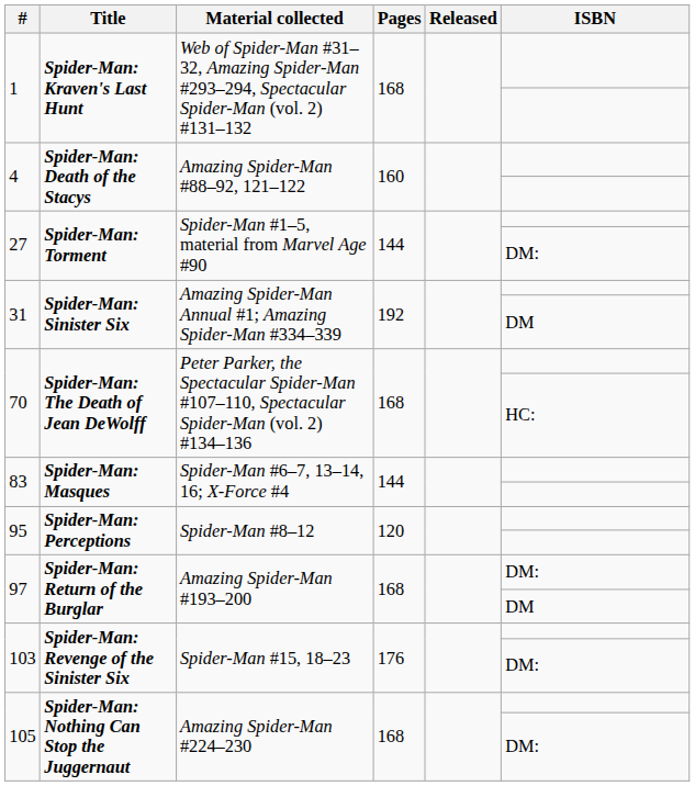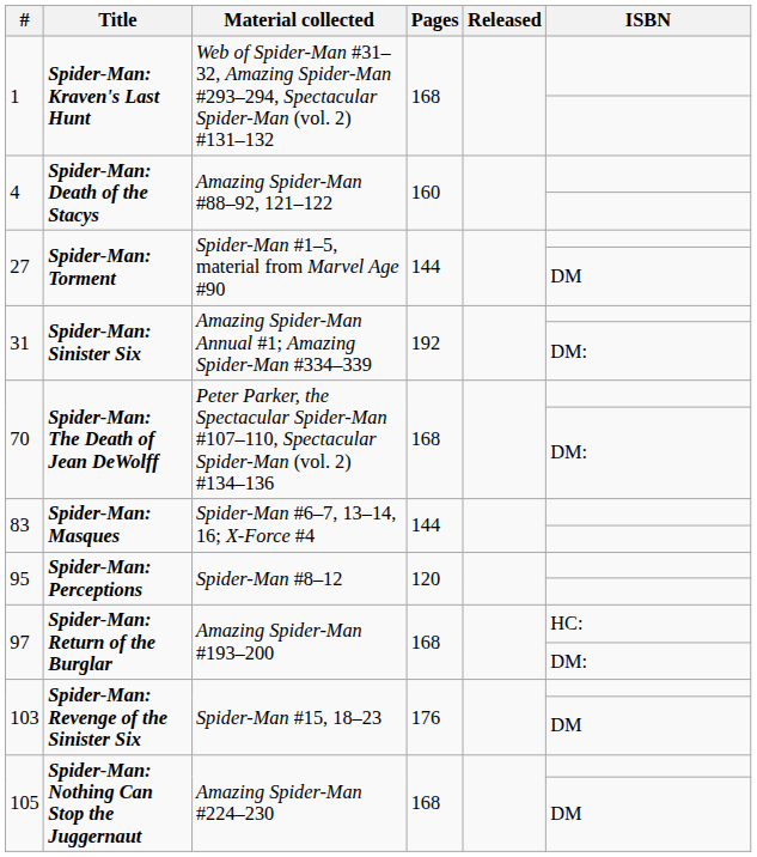 <table class="wikitable sortable" width=98%>
 <tr>
 <th width="4px">#</th>
 <th>Title</th>
 <th>Material collected</th>
 <th>Pages</th>
 <th>Released</th>
 <th class="unsortable" style="width: 10em;">ISBN</th>
 </tr>
 <tr>
 <td rowspan="2">1</td>
 <td rowspan="2"><strong><em>Spider-Man: Kraven's Last Hunt</em></strong></td>
 <td rowspan="2"><em>Web of Spider-Man</em> #31–32, <em>Amazing Spider-Man</em> #293–294, <em>Spectacular Spider-Man</em> (vol. 2) #131–132</td>
 <td rowspan="2">168</td>
 <td rowspan="2"></td>
 <td></td>
 </tr>
 <tr>
 <td></td>
 </tr>
 <tr>
 <td rowspan="2">4</td>
 <td rowspan="2"><strong><em>Spider-Man: Death of the Stacys</em></strong></td>
 <td rowspan="2"><em>Amazing Spider-Man</em> #88–92, 121–122</td>
 <td rowspan="2">160</td>
 <td rowspan="2"></td>
 <td></td>
 </tr>
 <tr>
 <td></td>
 </tr>
 <tr>
 <td rowspan="2">27</td>
 <td rowspan="2"><strong><em>Spider-Man: Torment</em></strong></td>
 <td rowspan="2"><em>Spider-Man</em> #1–5, material from <em>Marvel Age</em> #90</td>
 <td rowspan="2">144</td>
 <td rowspan="2"></td>
 <td></td>
 </tr>
 <tr>
-<td>DM: </td>
+<td>DM </td>
 </tr>
 <tr>
 <td rowspan="2">31</td>
 <td rowspan="2"><strong><em>Spider-Man: Sinister Six</em></strong></td>
 <td rowspan="2"><em>Amazing Spider-Man Annual</em> #1; <em>Amazing Spider-Man</em> #334–339</td>
 <td rowspan="2">192</td>
 <td rowspan="2"></td>
 <td></td>
 </tr>
 <tr>
-<td>DM </td>
+<td>DM: </td>
 </tr>
 <tr>
 <td rowspan="2">70</td>
 <td rowspan="2"><strong><em>Spider-Man: The Death of Jean DeWolff</em></strong></td>
 <td rowspan="2"><em>Peter Parker, the Spectacular Spider-Man</em> #107–110, <em>Spectacular Spider-Man</em> (vol. 2) #134–136</td>
 <td rowspan="2">168</td>
 <td rowspan="2"></td>
 <td></td>
 </tr>
 <tr>
-<td>HC: </td>
+<td>DM: </td>
 </tr>
 <tr>
 <td rowspan="2">83</td>
 <td rowspan="2"><strong><em>Spider-Man: Masques</em></strong></td>
 <td rowspan="2"><em>Spider-Man</em> #6–7, 13–14, 16; <em>X-Force</em> #4</td>
 <td rowspan="2">144</td>
 <td rowspan="2"></td>
 <td></td>
 </tr>
 <tr>
 <td></td>
 </tr>
 <tr>
 <td rowspan="2">95</td>
 <td rowspan="2"><strong><em>Spider-Man: Perceptions</em></strong></td>
 <td rowspan="2"><em>Spider-Man</em> #8–12</td>
 <td rowspan="2">120</td>
 <td rowspan="2"></td>
 <td></td>
 </tr>
 <tr>
 <td></td>
 </tr>
 <tr>
 <td rowspan="2">97</td>
 <td rowspan="2"><strong><em>Spider-Man: Return of the Burglar</em></strong></td>
 <td rowspan="2"><em>Amazing Spider-Man</em> #193–200</td>
 <td rowspan="2">168</td>
 <td rowspan="2"></td>
-<td>DM: </td>
+<td>HC: </td>
 </tr>
 <tr>
-<td>DM </td>
+<td>DM: </td>
 </tr>
 <tr>
 <td rowspan="2">103</td>
 <td rowspan="2"><strong><em>Spider-Man: Revenge of the Sinister Six</em></strong></td>
 <td rowspan="2"><em>Spider-Man</em> #15, 18–23</td>
 <td rowspan="2">176</td>
 <td rowspan="2"></td>
 <td></td>
 </tr>
 <tr>
-<td>DM: </td>
+<td>DM </td>
 </tr>
 <tr>
 <td rowspan="2">105</td>
 <td rowspan="2"><strong><em>Spider-Man: Nothing Can Stop the Juggernaut</em></strong></td>
 <td rowspan="2"><em>Amazing Spider-Man</em> #224–230</td>
 <td rowspan="2">168</td>
 <td rowspan="2"></td>
 <td></td>
 </tr>
 <tr>
-<td>DM: </td>
+<td>DM </td>
 </tr>
 </table>
